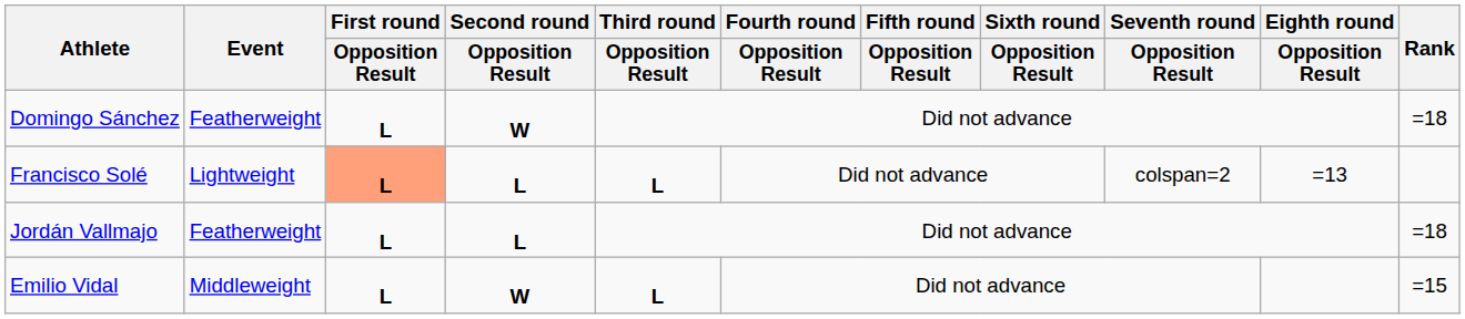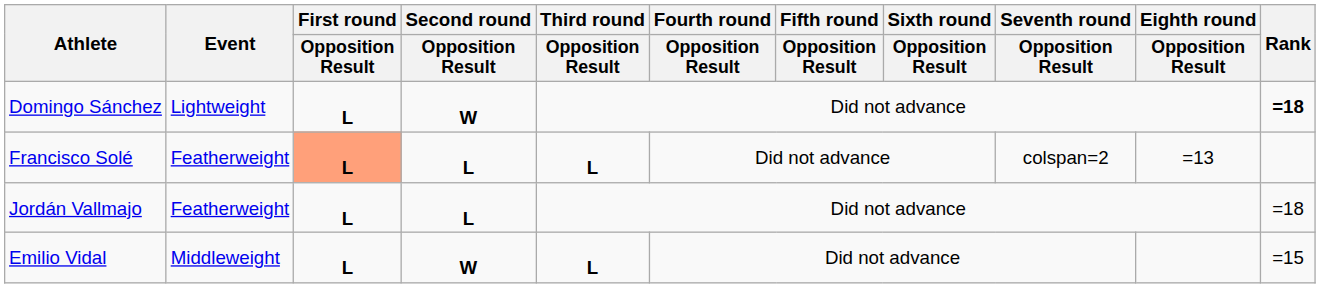 <table class="wikitable" style="font-size:90%;">
 <tr>
 <th rowspan=2>Athlete</th>
 <th rowspan=2>Event</th>
 <th>First round</th>
 <th>Second round</th>
 <th>Third round</th>
 <th>Fourth round</th>
 <th>Fifth round</th>
 <th>Sixth round</th>
 <th>Seventh round</th>
 <th>Eighth round</th>
 <th rowspan=2>Rank</th>
 </tr>
 <tr style="font-size: 95%">
 <th>Opposition<br>Result</th>
 <th>Opposition<br>Result</th>
 <th>Opposition<br>Result</th>
 <th>Opposition<br>Result</th>
 <th>Opposition<br>Result</th>
 <th>Opposition<br>Result</th>
 <th>Opposition<br>Result</th>
 <th>Opposition<br>Result</th>
 </tr>
 <tr align=center>
 <td align=left><a href='#'>Domingo Sánchez</a></td>
-<td align=left><a href='#'>Featherweight</a></td>
+<td align=left><a href='#'>Lightweight</a></td>
 <td> <br> <strong>L</strong></td>
 <td> <br> <strong>W</strong></td>
 <td colspan=6>Did not advance</td>
-<td>=18</td>
+<td><strong>=18</strong></td>
 </tr>
 <tr align=center>
 <td align=left><a href='#'>Francisco Solé</a></td>
-<td align=left><a href='#'>Lightweight</a></td>
+<td align=left><a href='#'>Featherweight</a></td>
 <td style="background: lightsalmon;"> <br> <strong>L</strong></td>
 <td> <br> <strong>L</strong></td>
 <td> <br> <strong>L</strong></td>
 <td colspan=3>Did not advance</td>
 <td>colspan=2 </td>
 <td>=13</td>
 </tr>
 <tr align=center>
 <td align=left><a href='#'>Jordán Vallmajo</a></td>
 <td align=left><a href='#'>Featherweight</a></td>
 <td> <br> <strong>L</strong></td>
 <td> <br> <strong>L</strong></td>
 <td colspan=6>Did not advance</td>
 <td>=18</td>
 </tr>
 <tr align=center>
 <td align=left><a href='#'>Emilio Vidal</a></td>
 <td align=left><a href='#'>Middleweight</a></td>
 <td> <br> <strong>L</strong></td>
 <td> <br> <strong>W</strong></td>
 <td> <br> <strong>L</strong></td>
 <td colspan=4>Did not advance</td>
 <td></td>
 <td>=15</td>
 </tr>
 </table>
